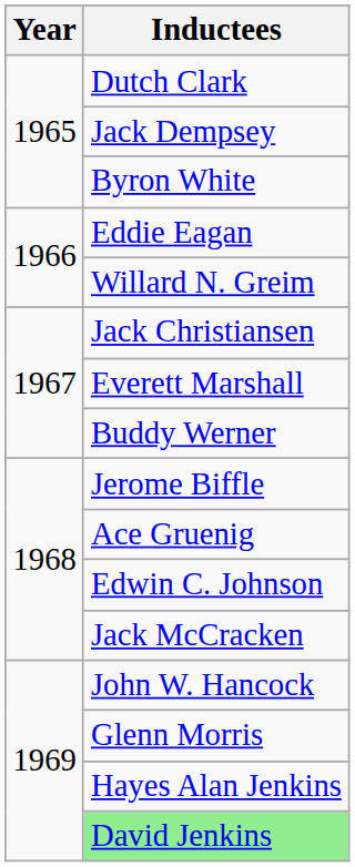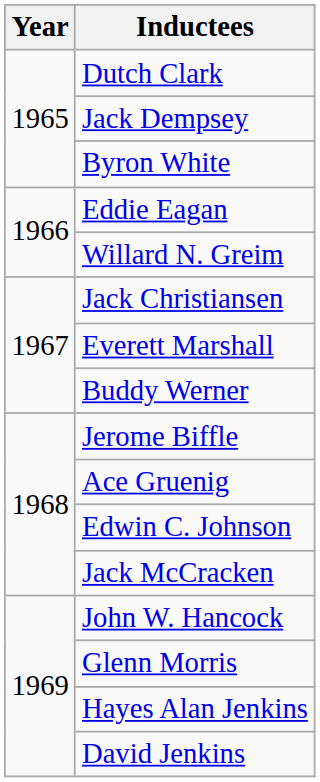 <table class="wikitable">
 <tr>
 <th>Year</th>
 <th colspan="6">Inductees</th>
 </tr>
 <tr>
 <td rowspan="3">1965</td>
 <td><a href='#'>Dutch Clark</a></td>
 </tr>
 <tr>
 <td><a href='#'>Jack Dempsey</a></td>
 </tr>
 <tr>
 <td><a href='#'>Byron White</a></td>
 </tr>
 <tr>
 <td rowspan="2">1966</td>
 <td><a href='#'>Eddie Eagan</a></td>
 </tr>
 <tr>
 <td><a href='#'>Willard N. Greim</a></td>
 </tr>
 <tr>
 <td rowspan="3">1967</td>
 <td><a href='#'>Jack Christiansen</a></td>
 </tr>
 <tr>
 <td><a href='#'>Everett Marshall</a></td>
 </tr>
 <tr>
 <td><a href='#'>Buddy Werner</a></td>
 </tr>
 <tr>
 <td rowspan="4">1968</td>
 <td><a href='#'>Jerome Biffle</a></td>
 </tr>
 <tr>
 <td><a href='#'>Ace Gruenig</a></td>
 </tr>
 <tr>
 <td><a href='#'>Edwin C. Johnson</a></td>
 </tr>
 <tr>
 <td><a href='#'>Jack McCracken</a></td>
 </tr>
 <tr>
 <td rowspan="4">1969</td>
 <td><a href='#'>John W. Hancock</a></td>
 </tr>
 <tr>
 <td><a href='#'>Glenn Morris</a></td>
 </tr>
 <tr>
 <td><a href='#'>Hayes Alan Jenkins</a></td>
 </tr>
 <tr>
-<td style="background: lightgreen;"><a href='#'>David Jenkins</a></td>
+<td><a href='#'>David Jenkins</a></td>
 </tr>
 </table>
